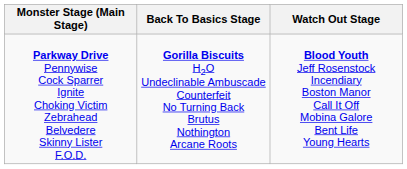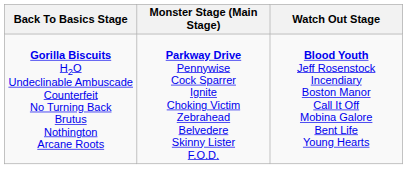 <table class="wikitable">
 <tr>
+<th>Back To Basics Stage</th>
 <th>Monster Stage (Main Stage)</th>
-<th>Back To Basics Stage</th>
 <th>Watch Out Stage</th>
 </tr>
 <tr>
+<td style="text-align:center; vertical-align:top; width:185px;"><br><strong><a href='#'>Gorilla Biscuits</a></strong> <br><a href='#'>H<sub>2</sub>O</a> <br><a href='#'>Undeclinable Ambuscade</a> <br><a href='#'>Counterfeit</a> <br><a href='#'>No Turning Back</a> <br><a href='#'>Brutus</a> <br><a href='#'>Nothington</a> <br><a href='#'>Arcane Roots</a></td>
 <td style="text-align:center; vertical-align:top; width:185px;"><br><strong><a href='#'>Parkway Drive</a></strong> <br><a href='#'>Pennywise</a> <br><a href='#'>Cock Sparrer</a> <br><a href='#'>Ignite</a> <br><a href='#'>Choking Victim</a> <br><a href='#'>Zebrahead</a> <br><a href='#'>Belvedere</a> <br><a href='#'>Skinny Lister</a> <br><a href='#'>F.O.D.</a></td>
-<td style="text-align:center; vertical-align:top; width:185px;"><br><strong><a href='#'>Gorilla Biscuits</a></strong> <br><a href='#'>H<sub>2</sub>O</a> <br><a href='#'>Undeclinable Ambuscade</a> <br><a href='#'>Counterfeit</a> <br><a href='#'>No Turning Back</a> <br><a href='#'>Brutus</a> <br><a href='#'>Nothington</a> <br><a href='#'>Arcane Roots</a></td>
 <td style="text-align:center; vertical-align:top; width:185px;"><br><strong><a href='#'>Blood Youth</a></strong> <br><a href='#'>Jeff Rosenstock</a> <br><a href='#'>Incendiary</a> <br><a href='#'>Boston Manor</a> <br><a href='#'>Call It Off</a> <br><a href='#'>Mobina Galore</a> <br><a href='#'>Bent Life</a> <br><a href='#'>Young Hearts</a></td>
 </tr>
 </table>
